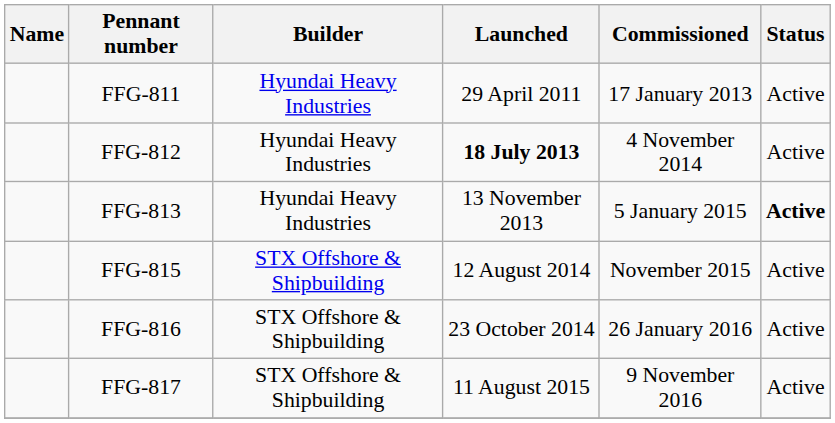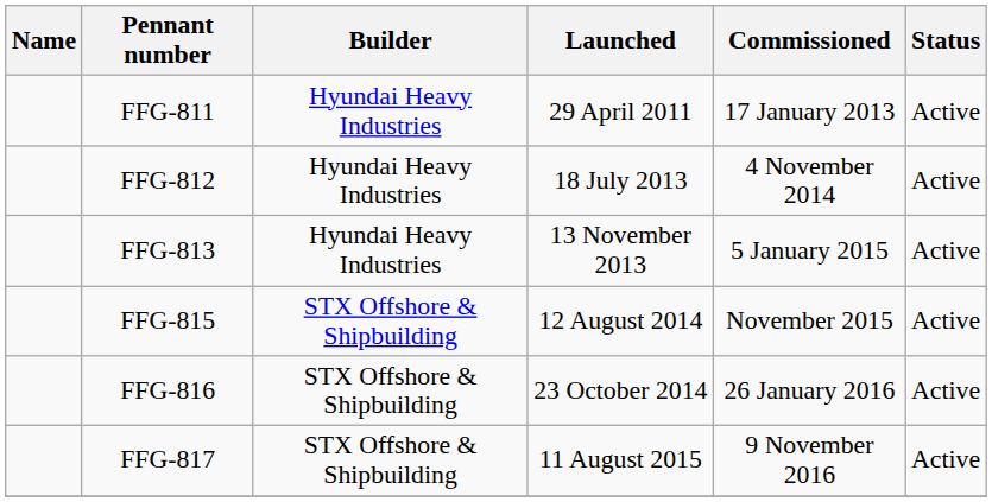 <table class="wikitable" style="text-align:center;">
 <tr>
 <th>Name</th>
 <th>Pennant number</th>
 <th>Builder</th>
 <th>Launched</th>
 <th>Commissioned</th>
 <th>Status</th>
 </tr>
 <tr>
 <td></td>
 <td>FFG-811</td>
 <td><a href='#'>Hyundai Heavy Industries</a></td>
 <td>29 April 2011</td>
 <td>17 January 2013</td>
 <td>Active</td>
 </tr>
 <tr>
 <td></td>
 <td>FFG-812</td>
 <td>Hyundai Heavy Industries</td>
-<td><strong>18 July 2013</strong></td>
+<td>18 July 2013</td>
 <td>4 November 2014</td>
 <td>Active</td>
 </tr>
 <tr>
 <td></td>
 <td>FFG-813</td>
 <td>Hyundai Heavy Industries</td>
 <td>13 November 2013</td>
 <td>5 January 2015</td>
-<td><strong>Active</strong></td>
+<td>Active</td>
 </tr>
 <tr>
 <td></td>
 <td>FFG-815</td>
 <td><a href='#'>STX Offshore & Shipbuilding</a></td>
 <td>12 August 2014</td>
 <td>November 2015</td>
 <td>Active</td>
 </tr>
 <tr>
 <td></td>
 <td>FFG-816</td>
 <td>STX Offshore & Shipbuilding</td>
 <td>23 October 2014</td>
 <td>26 January 2016</td>
 <td>Active</td>
 </tr>
 <tr>
 <td></td>
 <td>FFG-817</td>
 <td>STX Offshore & Shipbuilding</td>
 <td>11 August 2015</td>
 <td>9 November 2016</td>
 <td>Active</td>
 </tr>
 <tr>
 </tr>
 </table>
